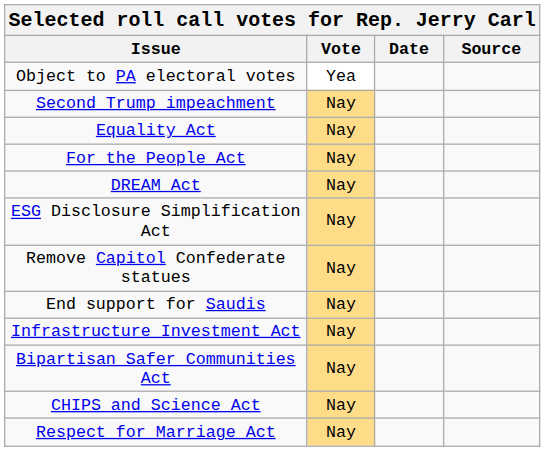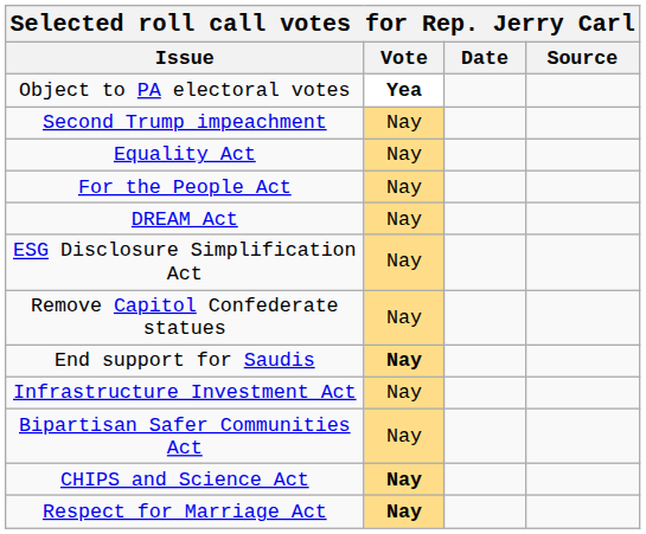 <table class="wikitable floatright" style="text-align:center">
 <tr>
 <th colspan=5><big>Selected roll call votes for Rep. Jerry Carl</big></th>
 </tr>
 <tr>
 <th scope="col" style="width: 230px;">Issue</th>
 <th>Vote</th>
 <th>Date</th>
 <th>Source</th>
 </tr>
 <tr>
 <td>Object to <a href='#'>PA</a> electoral votes</td>
-<td style="background-color:#ffffff;">Yea</td>
+<td style="background-color:#ffffff;"><strong>Yea</strong></td>
 <td></td>
 <td></td>
 </tr>
 <tr>
 <td><a href='#'>Second Trump impeachment</a></td>
 <td style="background-color:#ffdd88;">Nay</td>
 <td></td>
 <td></td>
 </tr>
 <tr>
 <td><a href='#'>Equality Act</a></td>
 <td style="background-color:#ffdd88;">Nay</td>
 <td></td>
 <td></td>
 </tr>
 <tr>
 <td><a href='#'>For the People Act</a></td>
 <td style="background-color:#ffdd88;">Nay</td>
 <td></td>
 <td></td>
 </tr>
 <tr>
 <td><a href='#'>DREAM Act</a></td>
 <td style="background-color:#ffdd88;">Nay</td>
 <td></td>
 <td></td>
 </tr>
 <tr>
 <td><a href='#'>ESG</a> Disclosure Simplification Act</td>
 <td style="background-color:#ffdd88;">Nay</td>
 <td></td>
 <td></td>
 </tr>
 <tr>
 <td>Remove <a href='#'>Capitol</a> Confederate statues</td>
 <td style="background-color:#ffdd88;">Nay</td>
 <td></td>
 <td></td>
 </tr>
 <tr>
 <td>End support for <a href='#'>Saudis</a></td>
-<td style="background-color:#ffdd88;">Nay</td>
+<td style="background-color:#ffdd88;"><strong>Nay</strong></td>
 <td></td>
 <td></td>
 </tr>
 <tr>
 <td><a href='#'>Infrastructure Investment Act</a></td>
 <td style="background-color:#ffdd88;">Nay</td>
 <td></td>
 <td></td>
 </tr>
 <tr>
 <td><a href='#'>Bipartisan Safer Communities Act</a></td>
 <td style="background-color:#ffdd88;">Nay</td>
 <td></td>
 <td></td>
 </tr>
 <tr>
 <td><a href='#'>CHIPS and Science Act</a></td>
-<td style="background-color:#ffdd88;">Nay</td>
+<td style="background-color:#ffdd88;"><strong>Nay</strong></td>
 <td></td>
 <td></td>
 </tr>
 <tr>
 <td><a href='#'>Respect for Marriage Act</a></td>
-<td style="background-color:#ffdd88;">Nay</td>
+<td style="background-color:#ffdd88;"><strong>Nay</strong></td>
 <td></td>
 <td></td>
 </tr>
 </table>
